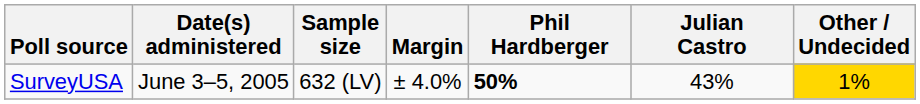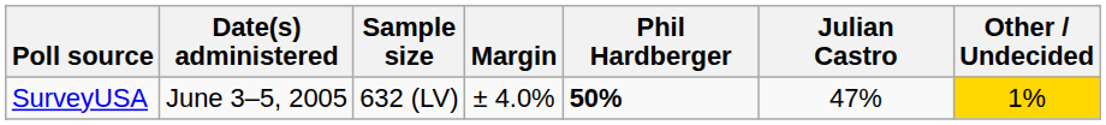 <table class="wikitable" style="font-size:90%">
 <tr valign=bottom>
 <th>Poll source</th>
 <th>Date(s)<br>administered</th>
 <th>Sample<br>size</th>
 <th>Margin<br></th>
 <th style="width:100px;">Phil<br>Hardberger</th>
 <th style="width:100px;">Julian<br>Castro</th>
 <th>Other /<br>Undecided</th>
 </tr>
 <tr>
 <td><a href='#'>SurveyUSA</a></td>
 <td align=center>June 3–5, 2005</td>
 <td align=center>632 (LV)</td>
 <td align=center>± 4.0%</td>
 <td><strong>50%</strong></td>
-<td align=center>43%</td>
+<td align=center>47%</td>
 <td align=center style="background: gold;">1%</td>
 </tr>
 </table>
